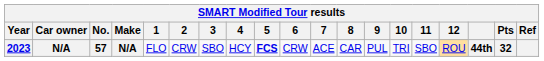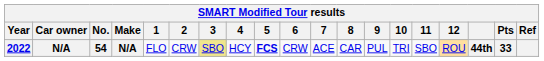 <table class="wikitable" style="text-align:center; font-size:75%">
 <tr>
 <th colspan=38><a href='#'>SMART Modified Tour</a> results</th>
 </tr>
 <tr>
 <th>Year</th>
 <th>Car owner</th>
 <th>No.</th>
 <th>Make</th>
 <th>1</th>
 <th>2</th>
 <th>3</th>
 <th>4</th>
 <th>5</th>
 <th>6</th>
 <th>7</th>
 <th>8</th>
 <th>9</th>
 <th>10</th>
 <th>11</th>
 <th>12</th>
 <th></th>
 <th>Pts</th>
 <th>Ref</th>
 </tr>
 <tr>
-<th><a href='#'>2023</a></th>
+<th><a href='#'>2022</a></th>
 <th>N/A</th>
-<th>57</th>
+<th>54</th>
 <th>N/A</th>
 <td><a href='#'>FLO</a></td>
 <td><a href='#'>CRW</a></td>
-<td><a href='#'>SBO</a></td>
+<td style="background: khaki;"><a href='#'>SBO</a></td>
 <td><a href='#'>HCY</a></td>
 <td><strong><a href='#'>FCS</a></strong></td>
 <td><a href='#'>CRW</a></td>
 <td><a href='#'>ACE</a></td>
 <td><a href='#'>CAR</a></td>
 <td><a href='#'>PUL</a></td>
 <td><a href='#'>TRI</a></td>
 <td><a href='#'>SBO</a></td>
 <td style="background:#FFDF9F;"><a href='#'>ROU</a><br></td>
 <th>44th</th>
-<th>32</th>
+<th>33</th>
 <th></th>
 </tr>
 </table>
